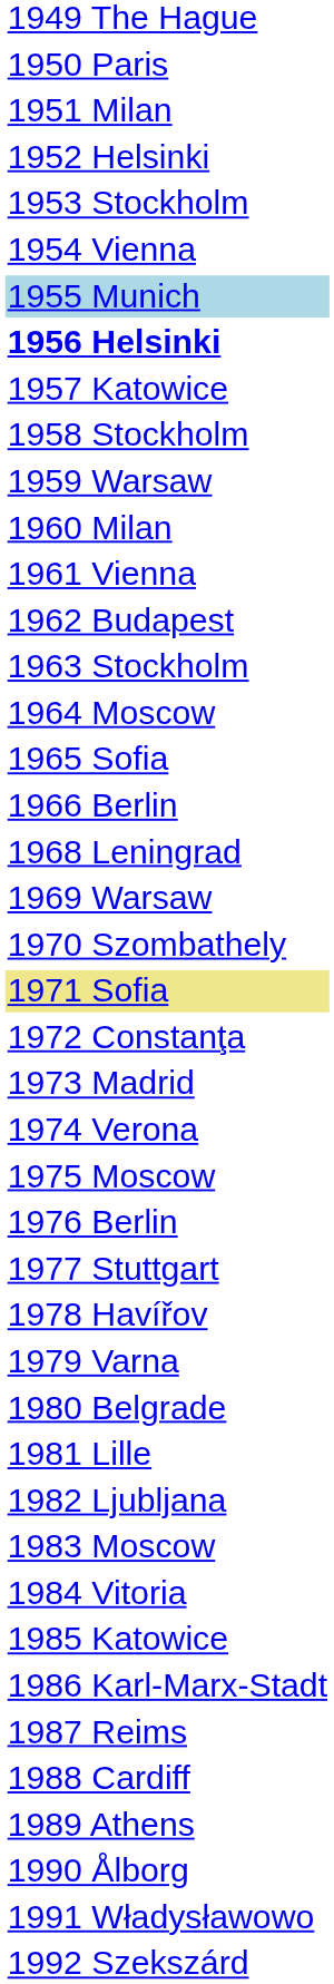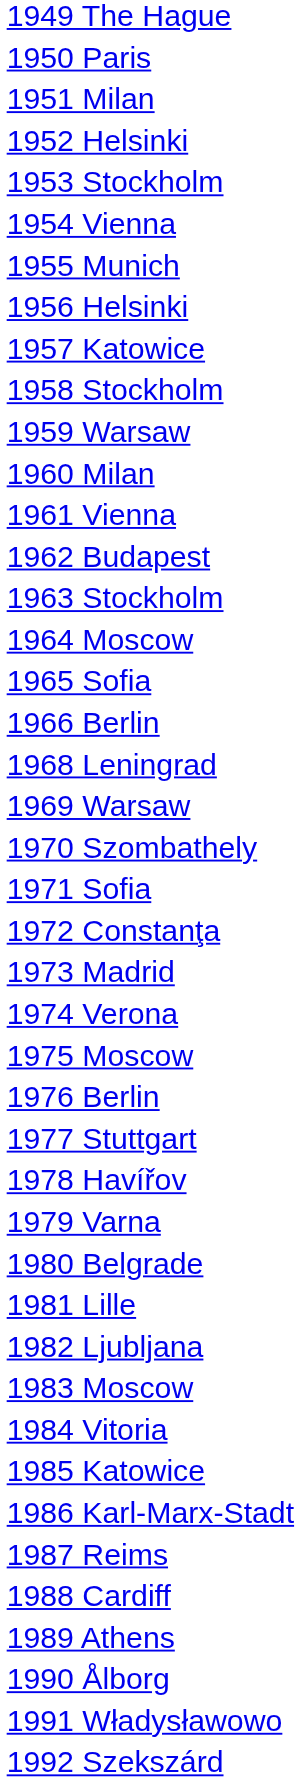 <table>
 <tr>
 <td><a href='#'>1949 The Hague</a></td>
 <td></td>
 <td></td>
 <td></td>
 </tr>
 <tr>
 <td><a href='#'>1950 Paris</a></td>
 <td></td>
 <td></td>
 <td></td>
 </tr>
 <tr>
 <td><a href='#'>1951 Milan</a></td>
 <td></td>
 <td></td>
 <td></td>
 </tr>
 <tr>
 <td><a href='#'>1952 Helsinki</a></td>
 <td></td>
 <td></td>
 <td></td>
 </tr>
 <tr>
 <td><a href='#'>1953 Stockholm</a></td>
 <td></td>
 <td></td>
 <td></td>
 </tr>
 <tr>
 <td><a href='#'>1954 Vienna</a></td>
 <td></td>
 <td></td>
 <td></td>
 </tr>
 <tr>
-<td style="background: lightblue;"><a href='#'>1955 Munich</a></td>
+<td><a href='#'>1955 Munich</a></td>
 <td></td>
 <td></td>
 <td></td>
 </tr>
 <tr>
-<td><strong><a href='#'>1956 Helsinki</a></strong></td>
+<td><a href='#'>1956 Helsinki</a></td>
 <td></td>
 <td></td>
 <td></td>
 </tr>
 <tr>
 <td><a href='#'>1957 Katowice</a></td>
 <td></td>
 <td></td>
 <td></td>
 </tr>
 <tr>
 <td><a href='#'>1958 Stockholm</a></td>
 <td></td>
 <td></td>
 <td></td>
 </tr>
 <tr>
 <td><a href='#'>1959 Warsaw</a></td>
 <td></td>
 <td></td>
 <td></td>
 </tr>
 <tr>
 <td><a href='#'>1960 Milan</a></td>
 <td></td>
 <td></td>
 <td></td>
 </tr>
 <tr>
 <td><a href='#'>1961 Vienna</a></td>
 <td></td>
 <td></td>
 <td></td>
 </tr>
 <tr>
 <td><a href='#'>1962 Budapest</a></td>
 <td></td>
 <td></td>
 <td></td>
 </tr>
 <tr>
 <td><a href='#'>1963 Stockholm</a></td>
 <td></td>
 <td></td>
 <td></td>
 </tr>
 <tr>
 <td><a href='#'>1964 Moscow</a></td>
 <td></td>
 <td></td>
 <td></td>
 </tr>
 <tr>
 <td><a href='#'>1965 Sofia</a></td>
 <td></td>
 <td></td>
 <td></td>
 </tr>
 <tr>
 <td><a href='#'>1966 Berlin</a></td>
 <td></td>
 <td></td>
 <td></td>
 </tr>
 <tr>
 <td><a href='#'>1968 Leningrad</a></td>
 <td></td>
 <td></td>
 <td></td>
 </tr>
 <tr>
 <td><a href='#'>1969 Warsaw</a></td>
 <td></td>
 <td></td>
 <td></td>
 </tr>
 <tr>
 <td><a href='#'>1970 Szombathely</a></td>
 <td></td>
 <td></td>
 <td></td>
 </tr>
 <tr>
-<td style="background: khaki;"><a href='#'>1971 Sofia</a></td>
+<td><a href='#'>1971 Sofia</a></td>
 <td></td>
 <td></td>
 <td></td>
 </tr>
 <tr>
 <td><a href='#'>1972 Constanţa</a></td>
 <td></td>
 <td></td>
 <td></td>
 </tr>
 <tr>
 <td><a href='#'>1973 Madrid</a></td>
 <td></td>
 <td></td>
 <td></td>
 </tr>
 <tr>
 <td><a href='#'>1974 Verona</a></td>
 <td></td>
 <td></td>
 <td></td>
 </tr>
 <tr>
 <td><a href='#'>1975 Moscow</a></td>
 <td></td>
 <td></td>
 <td></td>
 </tr>
 <tr>
 <td><a href='#'>1976 Berlin</a></td>
 <td></td>
 <td></td>
 <td></td>
 </tr>
 <tr>
 <td><a href='#'>1977 Stuttgart</a></td>
 <td></td>
 <td></td>
 <td></td>
 </tr>
 <tr>
 <td><a href='#'>1978 Havířov</a></td>
 <td></td>
 <td></td>
 <td></td>
 </tr>
 <tr>
 <td><a href='#'>1979 Varna</a></td>
 <td></td>
 <td></td>
 <td></td>
 </tr>
 <tr>
 <td><a href='#'>1980 Belgrade</a></td>
 <td></td>
 <td></td>
 <td></td>
 </tr>
 <tr>
 <td><a href='#'>1981 Lille</a></td>
 <td></td>
 <td></td>
 <td></td>
 </tr>
 <tr>
 <td><a href='#'>1982 Ljubljana</a></td>
 <td></td>
 <td></td>
 <td></td>
 </tr>
 <tr>
 <td><a href='#'>1983  Moscow</a></td>
 <td></td>
 <td></td>
 <td></td>
 </tr>
 <tr>
 <td><a href='#'>1984 Vitoria</a></td>
 <td></td>
 <td></td>
 <td></td>
 </tr>
 <tr>
 <td><a href='#'>1985 Katowice</a></td>
 <td></td>
 <td></td>
 <td></td>
 </tr>
 <tr>
 <td><a href='#'>1986 Karl-Marx-Stadt</a></td>
 <td></td>
 <td></td>
 <td></td>
 </tr>
 <tr>
 <td><a href='#'>1987 Reims</a></td>
 <td></td>
 <td></td>
 <td></td>
 </tr>
 <tr>
 <td><a href='#'>1988 Cardiff</a></td>
 <td></td>
 <td></td>
 <td></td>
 </tr>
 <tr>
 <td><a href='#'>1989 Athens</a></td>
 <td></td>
 <td></td>
 <td></td>
 </tr>
 <tr>
 <td><a href='#'>1990 Ålborg</a></td>
 <td></td>
 <td></td>
 <td></td>
 </tr>
 <tr>
 <td><a href='#'>1991 Władysławowo</a></td>
 <td></td>
 <td></td>
 <td></td>
 </tr>
 <tr>
 <td><a href='#'>1992 Szekszárd</a></td>
 <td></td>
 <td></td>
 <td></td>
 </tr>
 </table>
